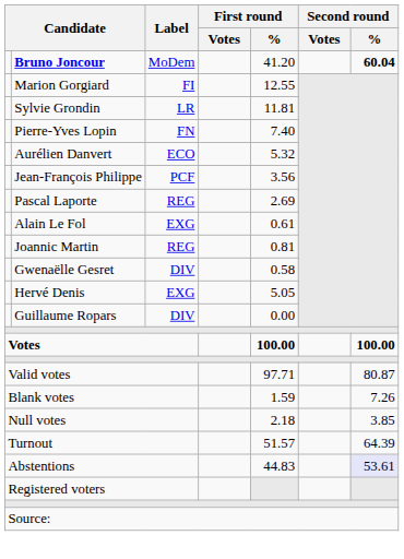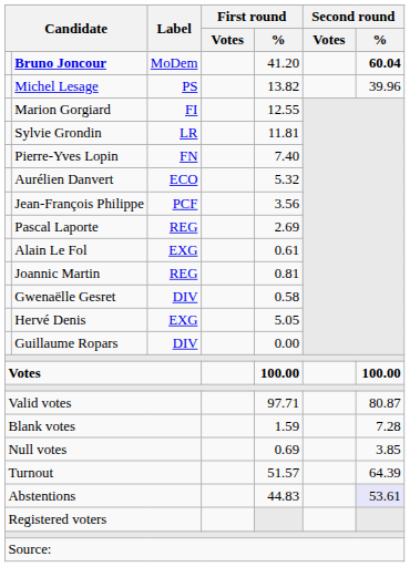 <table class="wikitable" style="text-align:right;font-size:95%;">
 <tr>
 <th rowspan="2" colspan="2">Candidate</th>
 <th rowspan="2">Label</th>
 <th colspan="2">First round</th>
 <th colspan="2">Second round</th>
 </tr>
 <tr>
 <th style="width:50px;">Votes</th>
 <th style="width:45px;">%</th>
 <th style="width:50px;">Votes</th>
 <th style="width:45px;">%</th>
 </tr>
 <tr>
 <td style="color:inherit;background:"></td>
 <td style="text-align:left;"><strong><a href='#'>Bruno Joncour</a></strong></td>
 <td><a href='#'>MoDem</a></td>
 <td></td>
 <td>41.20</td>
 <td><strong></strong></td>
 <td><strong>60.04</strong></td>
+</tr>
+<tr>
+<td style="color:inherit;background:"></td>
+<td style="text-align:left;"><a href='#'>Michel Lesage</a></td>
+<td><a href='#'>PS</a></td>
+<td></td>
+<td>13.82</td>
+<td></td>
+<td>39.96</td>
 </tr>
 <tr>
 <td style="color:inherit;background:"></td>
 <td style="text-align:left;">Marion Gorgiard</td>
 <td><a href='#'>FI</a></td>
 <td></td>
 <td>12.55</td>
 <td colspan="2" rowspan="11" style="background:#E9E9E9;"></td>
 </tr>
 <tr>
 <td style="color:inherit;background:"></td>
 <td style="text-align:left;">Sylvie Grondin</td>
 <td><a href='#'>LR</a></td>
 <td></td>
 <td>11.81</td>
 </tr>
 <tr>
 <td style="color:inherit;background:"></td>
 <td style="text-align:left;">Pierre-Yves Lopin</td>
 <td><a href='#'>FN</a></td>
 <td></td>
 <td>7.40</td>
 </tr>
 <tr>
 <td style="color:inherit;background:"></td>
 <td style="text-align:left;">Aurélien Danvert</td>
 <td><a href='#'>ECO</a></td>
 <td></td>
 <td>5.32</td>
 </tr>
 <tr>
 <td style="color:inherit;background:"></td>
 <td style="text-align:left;">Jean-François Philippe</td>
 <td><a href='#'>PCF</a></td>
 <td></td>
 <td>3.56</td>
 </tr>
 <tr>
 <td style="color:inherit;background:"></td>
 <td style="text-align:left;">Pascal Laporte</td>
 <td><a href='#'>REG</a></td>
 <td></td>
 <td>2.69</td>
 </tr>
 <tr>
 <td style="color:inherit;background:"></td>
 <td style="text-align:left;">Alain Le Fol</td>
 <td><a href='#'>EXG</a></td>
 <td></td>
 <td>0.61</td>
 </tr>
 <tr>
 <td style="color:inherit;background:"></td>
 <td style="text-align:left;">Joannic Martin</td>
 <td><a href='#'>REG</a></td>
 <td></td>
 <td>0.81</td>
 </tr>
 <tr>
 <td style="color:inherit;background:"></td>
 <td style="text-align:left;">Gwenaëlle Gesret</td>
 <td><a href='#'>DIV</a></td>
 <td></td>
 <td>0.58</td>
 </tr>
 <tr>
 <td style="color:inherit;background:"></td>
 <td style="text-align:left;">Hervé Denis</td>
 <td><a href='#'>EXG</a></td>
 <td></td>
 <td>5.05</td>
 </tr>
 <tr>
 <td style="color:inherit;background:"></td>
 <td style="text-align:left;">Guillaume Ropars</td>
 <td><a href='#'>DIV</a></td>
 <td></td>
 <td>0.00</td>
 </tr>
 <tr>
 <td colspan="7" style="background:#E9E9E9;"></td>
 </tr>
 <tr style="font-weight:bold;">
 <td colspan="3" style="text-align:left;">Votes</td>
 <td></td>
 <td>100.00</td>
 <td></td>
 <td>100.00</td>
 </tr>
 <tr>
 <td colspan="7" style="background:#E9E9E9;"></td>
 </tr>
 <tr>
 <td colspan="3" style="text-align:left;">Valid votes</td>
 <td></td>
 <td>97.71</td>
 <td></td>
 <td>80.87</td>
 </tr>
 <tr>
 <td colspan="3" style="text-align:left;">Blank votes</td>
 <td></td>
 <td>1.59</td>
 <td></td>
-<td>7.26</td>
+<td>7.28</td>
 </tr>
 <tr>
 <td colspan="3" style="text-align:left;">Null votes</td>
 <td></td>
-<td>2.18</td>
+<td>0.69</td>
 <td></td>
 <td>3.85</td>
 </tr>
 <tr>
 <td colspan="3" style="text-align:left;">Turnout</td>
 <td></td>
 <td>51.57</td>
 <td></td>
 <td>64.39</td>
 </tr>
 <tr>
 <td colspan="3" style="text-align:left;">Abstentions</td>
 <td></td>
 <td>44.83</td>
 <td></td>
 <td style="background: lavender;">53.61</td>
 </tr>
 <tr>
 <td colspan="3" style="text-align:left;">Registered voters</td>
 <td></td>
 <td style="color:inherit;background:#E9E9E9;"></td>
 <td></td>
 <td style="color:inherit;background:#E9E9E9;"></td>
 </tr>
 <tr>
 <td colspan="7" style="background:#E9E9E9;"></td>
 </tr>
 <tr>
 <td colspan="7" style="text-align:left;">Source:</td>
 </tr>
 </table>
